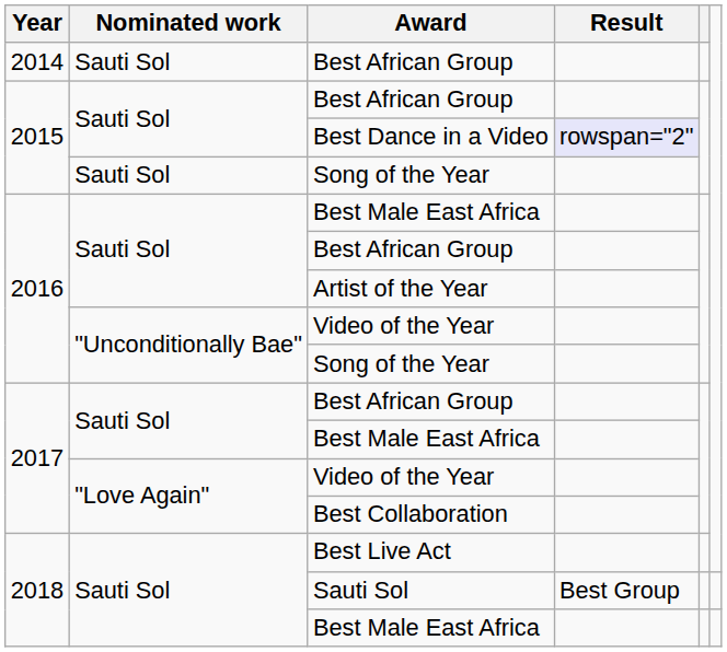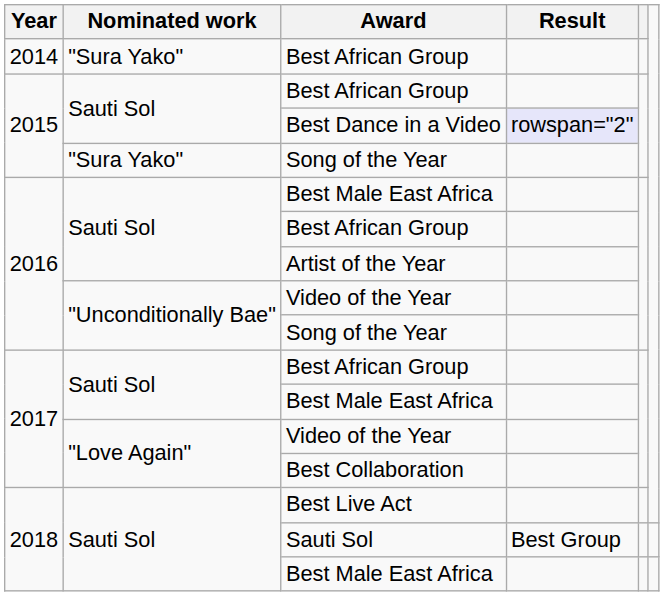 <table class ="wikitable">
 <tr>
 <th>Year</th>
 <th>Nominated work</th>
 <th>Award</th>
 <th>Result</th>
 <th></th>
 </tr>
 <tr>
 <td>2014</td>
-<td>Sauti Sol</td>
+<td>"Sura Yako"</td>
 <td>Best African Group</td>
 <td></td>
 <td></td>
 </tr>
 <tr>
 <td rowspan="3">2015</td>
 <td rowspan="2">Sauti Sol</td>
 <td>Best African Group</td>
 <td></td>
 <td rowspan="3"></td>
 </tr>
 <tr>
 <td>Best Dance in a Video</td>
 <td style="background: lavender;">rowspan="2" </td>
 </tr>
 <tr>
-<td>Sauti Sol</td>
+<td>"Sura Yako"</td>
 <td>Song of the Year</td>
 </tr>
 <tr>
 <td rowspan="5">2016</td>
 <td rowspan="3">Sauti Sol</td>
 <td>Best Male East Africa</td>
 <td></td>
 <td rowspan="5"></td>
 </tr>
 <tr>
 <td>Best African Group</td>
 <td></td>
 </tr>
 <tr>
 <td>Artist of the Year</td>
 <td></td>
 </tr>
 <tr>
 <td rowspan="2">"Unconditionally Bae" </td>
 <td>Video of the Year</td>
 <td></td>
 </tr>
 <tr>
 <td>Song of the Year</td>
 <td></td>
 </tr>
 <tr>
 <td rowspan="4">2017</td>
 <td rowspan="2">Sauti Sol</td>
 <td>Best African Group</td>
 <td></td>
 <td rowspan="4"></td>
 </tr>
 <tr>
 <td>Best Male East Africa</td>
 <td></td>
 </tr>
 <tr>
 <td rowspan="2">"Love Again"</td>
 <td>Video of the Year</td>
 <td></td>
 </tr>
 <tr>
 <td>Best Collaboration</td>
 <td></td>
 </tr>
 <tr>
 <td rowspan="3">2018</td>
 <td rowspan="3">Sauti Sol</td>
 <td>Best Live Act</td>
 <td></td>
 <td></td>
 </tr>
 <tr>
 <td>Sauti Sol</td>
 <td>Best Group</td>
 <td></td>
 <td></td>
 </tr>
 <tr>
 <td>Best Male East Africa</td>
 <td></td>
 <td></td>
 </tr>
 </table>
